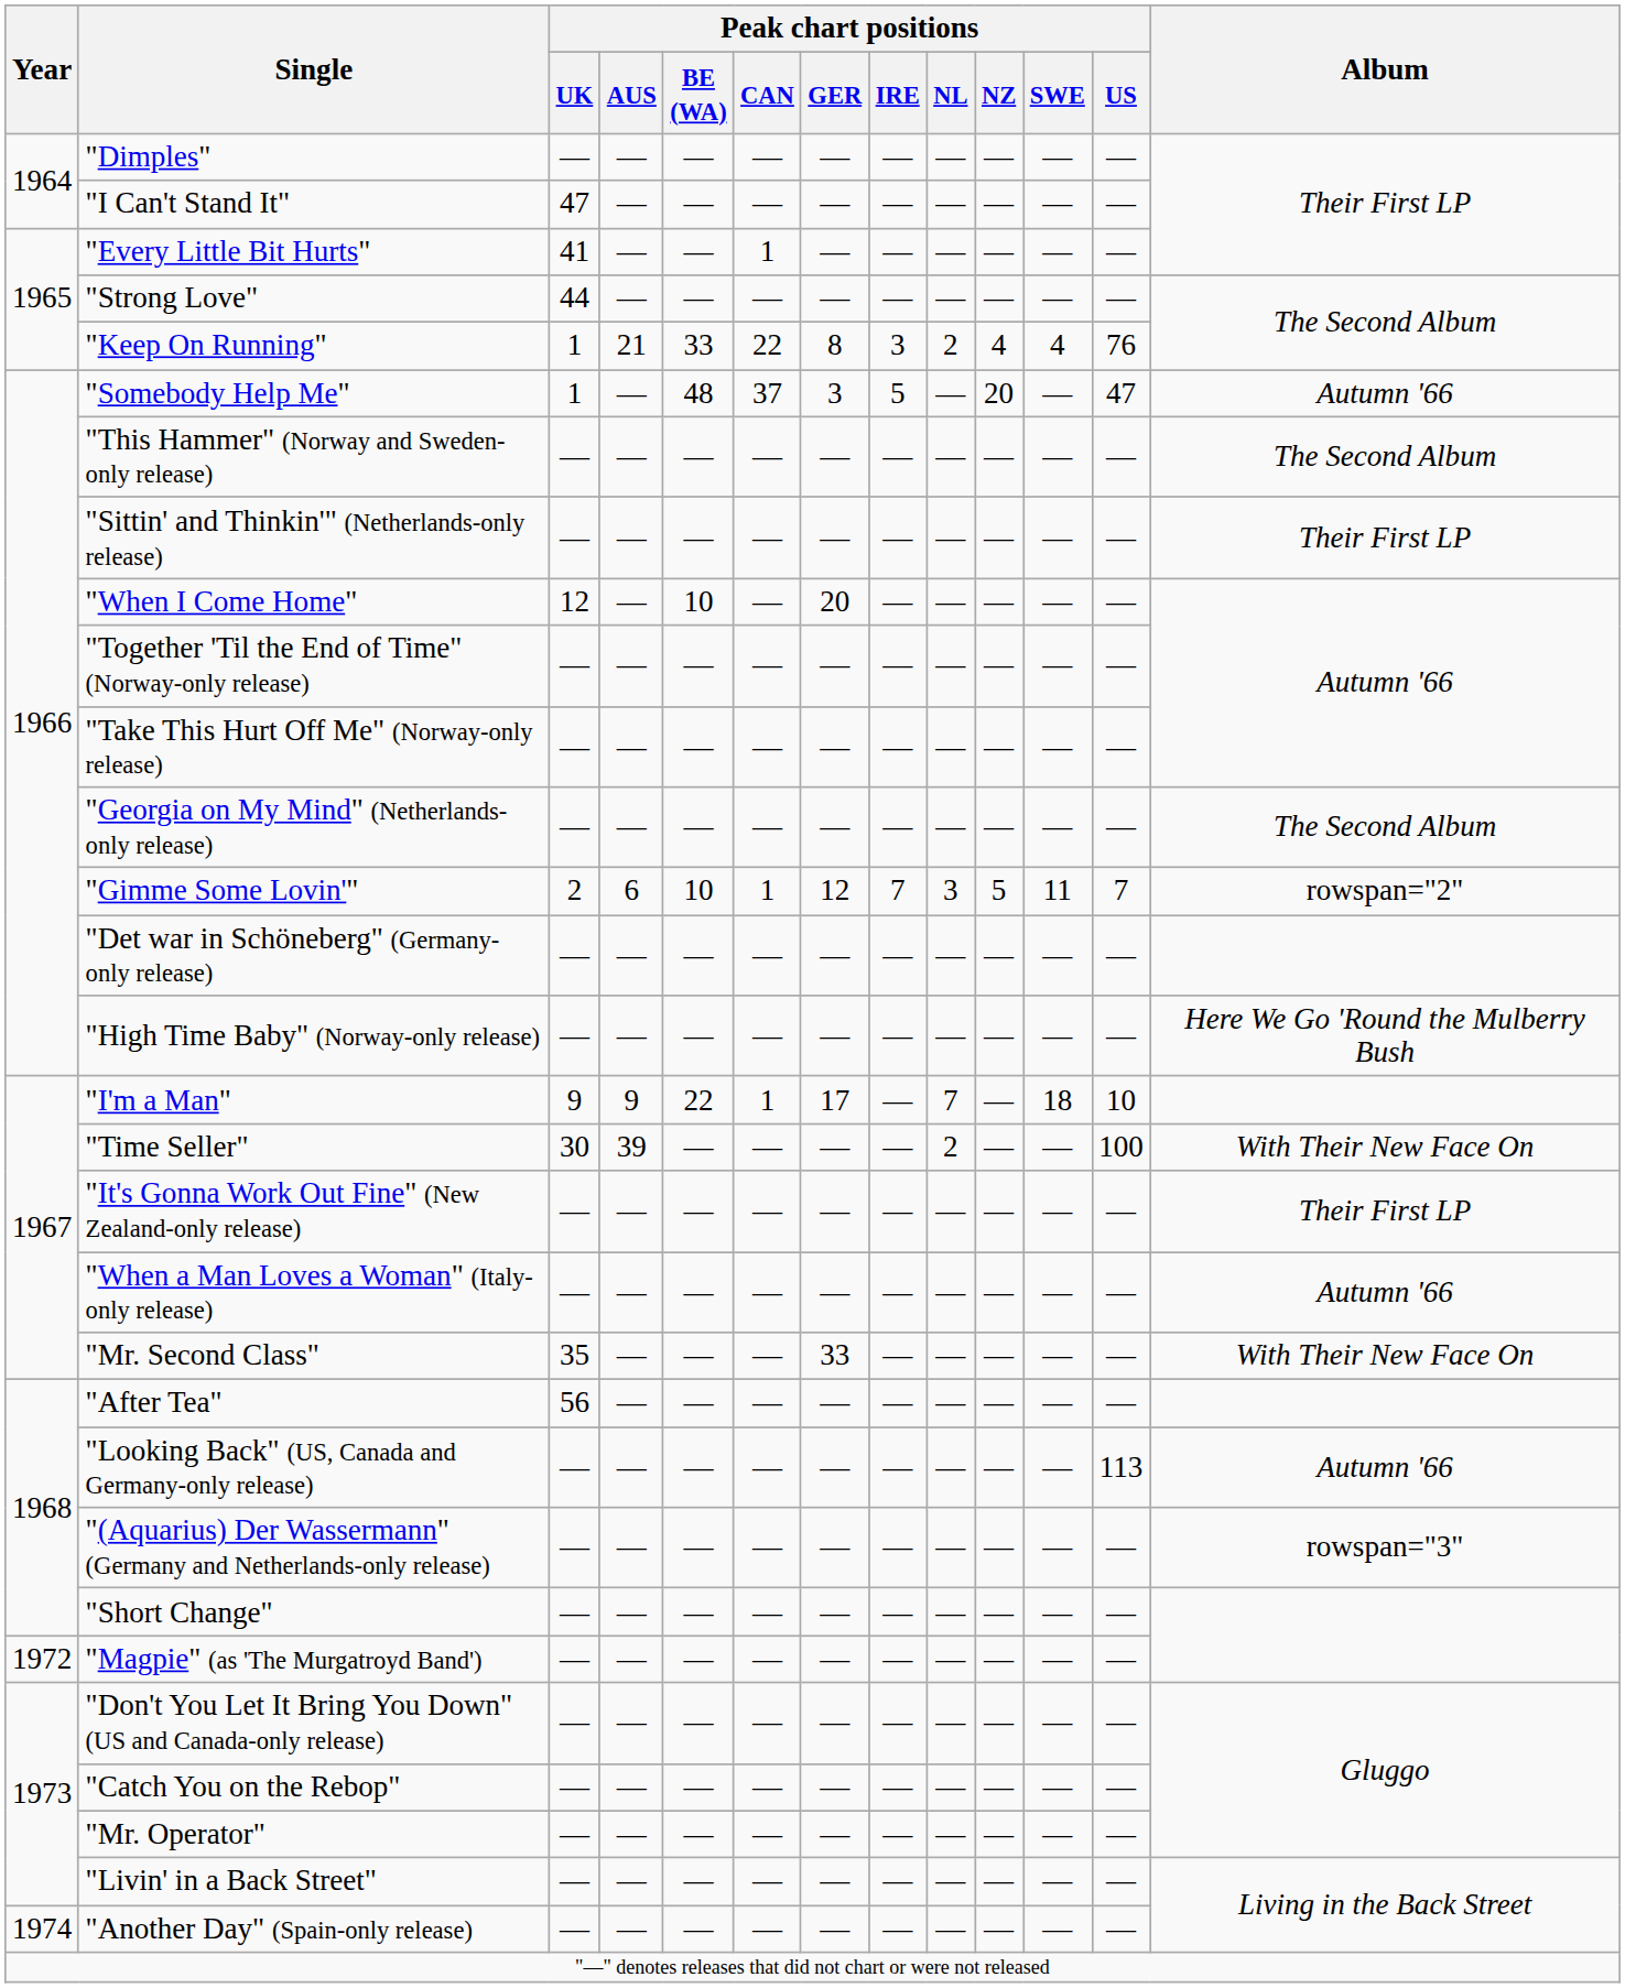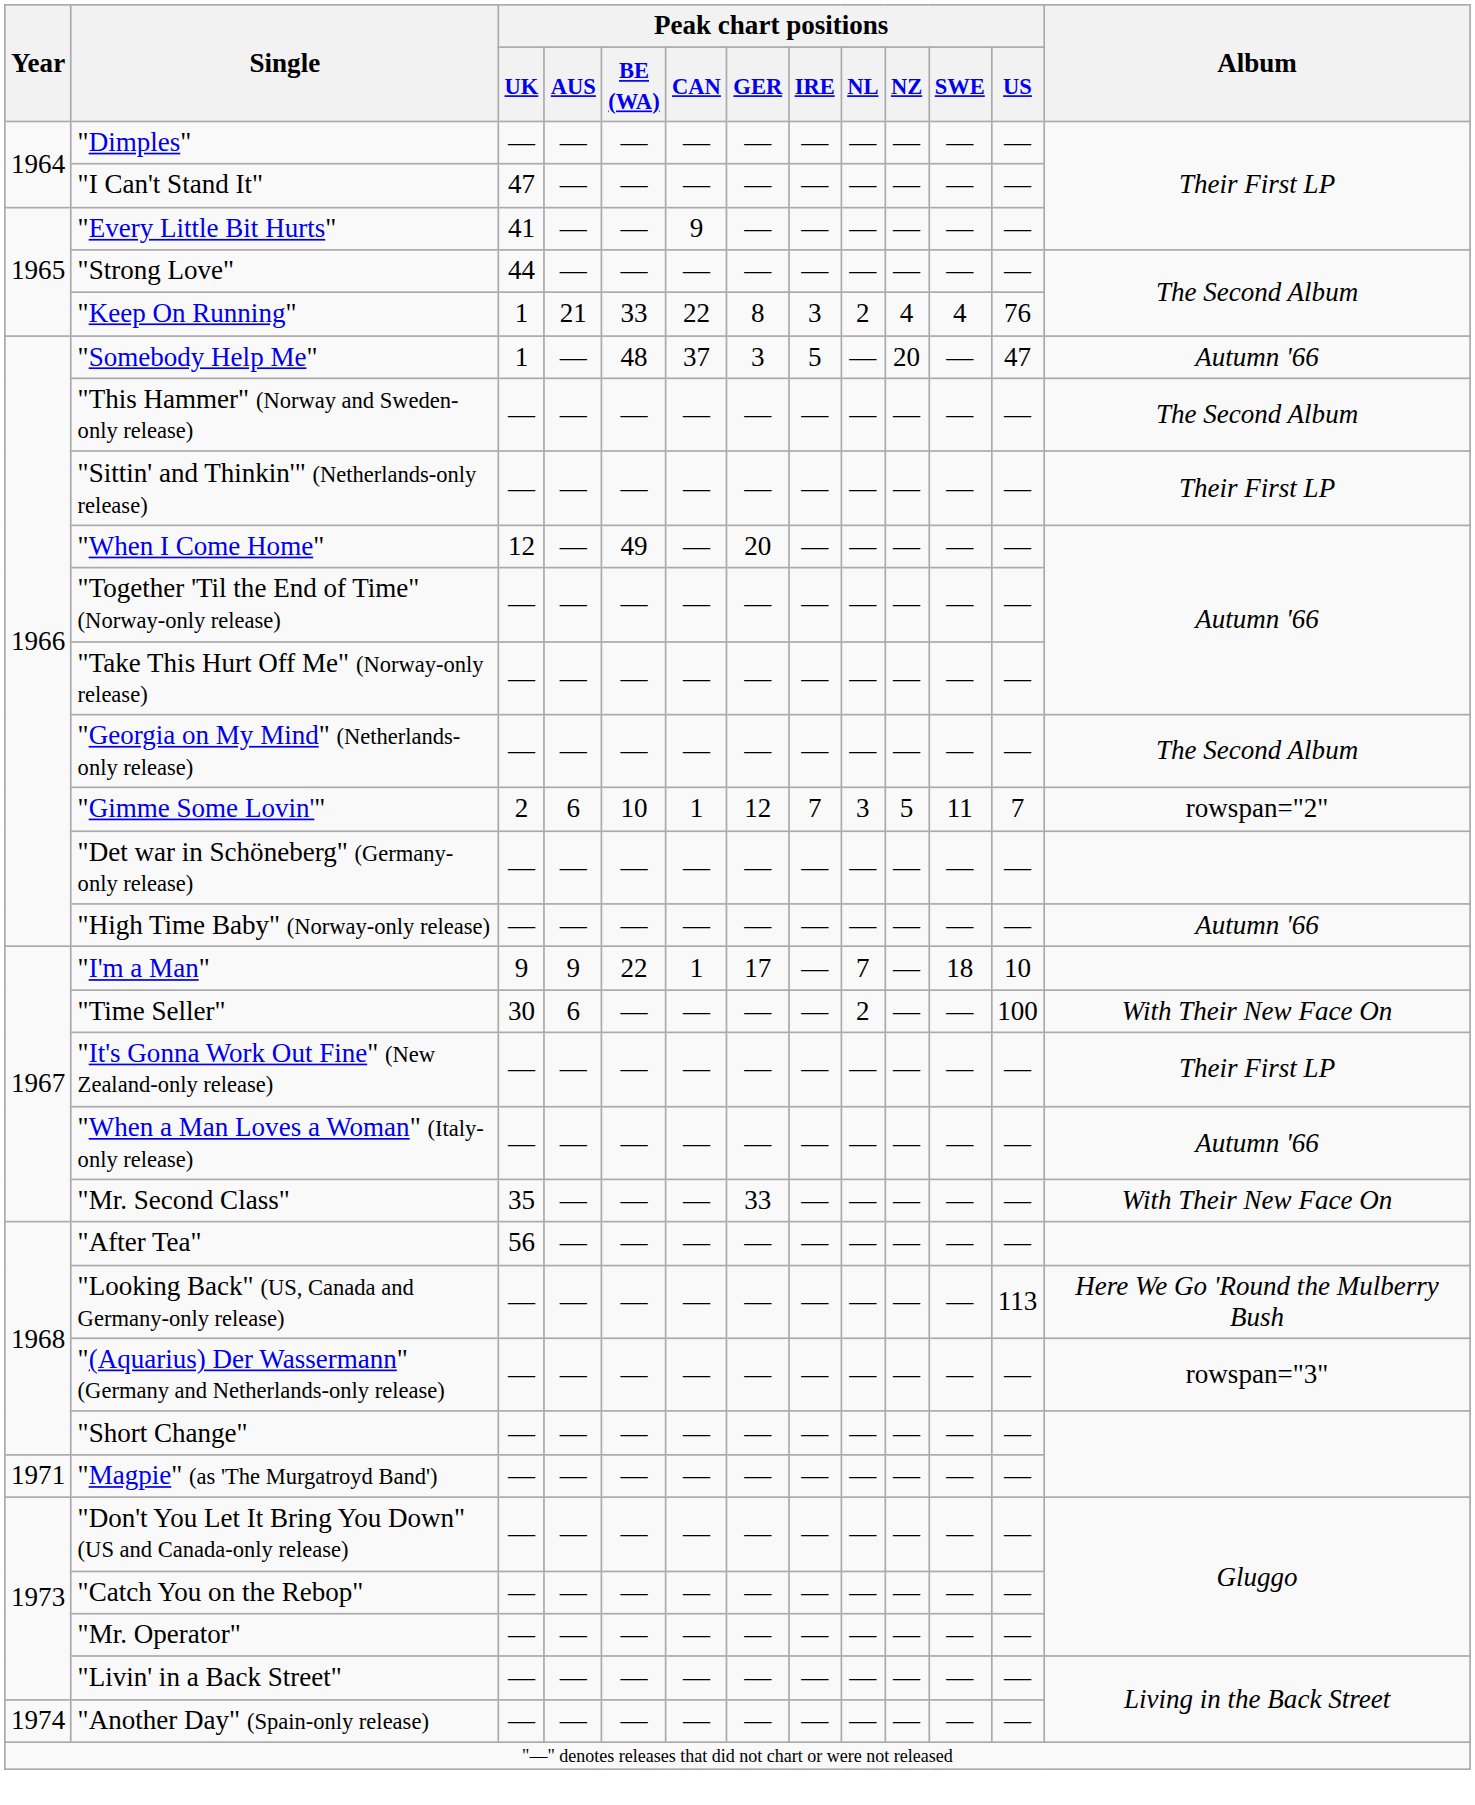 <table class="wikitable" style="text-align:center">
 <tr>
 <th rowspan="2">Year</th>
 <th rowspan="2" style="width:17em;">Single</th>
 <th colspan="10">Peak chart positions</th>
 <th rowspan="2" style="width:17em;">Album</th>
 </tr>
 <tr>
 <th><small><a href='#'>UK</a></small><br></th>
 <th><small><a href='#'>AUS</a></small><br></th>
 <th><small><a href='#'>BE (WA)</a></small><br></th>
 <th><small><a href='#'>CAN</a></small><br></th>
 <th><small><a href='#'>GER</a></small><br></th>
 <th><small><a href='#'>IRE</a></small><br></th>
 <th><small><a href='#'>NL</a></small><br></th>
 <th><small><a href='#'>NZ</a></small><br></th>
 <th><small><a href='#'>SWE</a></small><br></th>
 <th><small><a href='#'>US</a></small><br></th>
 </tr>
 <tr>
 <td rowspan="2">1964</td>
 <td align="left">"<a href='#'>Dimples</a>"</td>
 <td>—</td>
 <td>—</td>
 <td>—</td>
 <td>—</td>
 <td>—</td>
 <td>—</td>
 <td>—</td>
 <td>—</td>
 <td>—</td>
 <td>—</td>
 <td rowspan="3"><em>Their First LP</em></td>
 </tr>
 <tr>
 <td align="left">"I Can't Stand It"</td>
 <td>47</td>
 <td>—</td>
 <td>—</td>
 <td>—</td>
 <td>—</td>
 <td>—</td>
 <td>—</td>
 <td>—</td>
 <td>—</td>
 <td>—</td>
 </tr>
 <tr>
 <td rowspan="3">1965</td>
 <td align="left">"<a href='#'>Every Little Bit Hurts</a>"</td>
 <td>41</td>
 <td>—</td>
 <td>—</td>
-<td>1</td>
+<td>9</td>
 <td>—</td>
 <td>—</td>
 <td>—</td>
 <td>—</td>
 <td>—</td>
 <td>—</td>
 </tr>
 <tr>
 <td align="left">"Strong Love"</td>
 <td>44</td>
 <td>—</td>
 <td>—</td>
 <td>—</td>
 <td>—</td>
 <td>—</td>
 <td>—</td>
 <td>—</td>
 <td>—</td>
 <td>—</td>
 <td rowspan="2"><em>The Second Album</em></td>
 </tr>
 <tr>
 <td align="left">"<a href='#'>Keep On Running</a>"</td>
 <td>1</td>
 <td>21<br></td>
 <td>33</td>
 <td>22</td>
 <td>8</td>
 <td>3</td>
 <td>2</td>
 <td>4</td>
 <td>4</td>
 <td>76</td>
 </tr>
 <tr>
 <td rowspan="10">1966</td>
 <td align="left">"<a href='#'>Somebody Help Me</a>"</td>
 <td>1</td>
 <td>—</td>
 <td>48</td>
 <td>37</td>
 <td>3</td>
 <td>5</td>
 <td>—</td>
 <td>20</td>
 <td>—</td>
 <td>47</td>
 <td><em>Autumn '66</em></td>
 </tr>
 <tr>
 <td align="left">"This Hammer" <small>(Norway and Sweden-only release)</small></td>
 <td>—</td>
 <td>—</td>
 <td>—</td>
 <td>—</td>
 <td>—</td>
 <td>—</td>
 <td>—</td>
 <td>—</td>
 <td>—</td>
 <td>—</td>
 <td><em>The Second Album</em></td>
 </tr>
 <tr>
 <td align="left">"Sittin' and Thinkin'" <small>(Netherlands-only release)</small></td>
 <td>—</td>
 <td>—</td>
 <td>—</td>
 <td>—</td>
 <td>—</td>
 <td>—</td>
 <td>—</td>
 <td>—</td>
 <td>—</td>
 <td>—</td>
 <td><em>Their First LP</em></td>
 </tr>
 <tr>
 <td align="left">"<a href='#'>When I Come Home</a>"</td>
 <td>12</td>
 <td>—</td>
-<td>10</td>
+<td>49</td>
 <td>—</td>
 <td>20</td>
 <td>—</td>
 <td>—</td>
 <td>—</td>
 <td>—</td>
 <td>—</td>
 <td rowspan="3"><em>Autumn '66</em></td>
 </tr>
 <tr>
 <td align="left">"Together 'Til the End of Time" <small>(Norway-only release)</small></td>
 <td>—</td>
 <td>—</td>
 <td>—</td>
 <td>—</td>
 <td>—</td>
 <td>—</td>
 <td>—</td>
 <td>—</td>
 <td>—</td>
 <td>—</td>
 </tr>
 <tr>
 <td align="left">"Take This Hurt Off Me" <small>(Norway-only release)</small></td>
 <td>—</td>
 <td>—</td>
 <td>—</td>
 <td>—</td>
 <td>—</td>
 <td>—</td>
 <td>—</td>
 <td>—</td>
 <td>—</td>
 <td>—</td>
 </tr>
 <tr>
 <td align="left">"<a href='#'>Georgia on My Mind</a>" <small>(Netherlands-only release)</small></td>
 <td>—</td>
 <td>—</td>
 <td>—</td>
 <td>—</td>
 <td>—</td>
 <td>—</td>
 <td>—</td>
 <td>—</td>
 <td>—</td>
 <td>—</td>
 <td><em>The Second Album</em></td>
 </tr>
 <tr>
 <td align="left">"<a href='#'>Gimme Some Lovin'</a>"</td>
 <td>2</td>
 <td>6</td>
 <td>10</td>
 <td>1</td>
 <td>12</td>
 <td>7</td>
 <td>3</td>
 <td>5</td>
 <td>11</td>
 <td>7</td>
 <td>rowspan="2" </td>
 </tr>
 <tr>
 <td align="left">"Det war in Schöneberg" <small>(Germany-only release)</small></td>
 <td>—</td>
 <td>—</td>
 <td>—</td>
 <td>—</td>
 <td>—</td>
 <td>—</td>
 <td>—</td>
 <td>—</td>
 <td>—</td>
 <td>—</td>
 </tr>
 <tr>
 <td align="left">"High Time Baby" <small>(Norway-only release)</small></td>
 <td>—</td>
 <td>—</td>
 <td>—</td>
 <td>—</td>
 <td>—</td>
 <td>—</td>
 <td>—</td>
 <td>—</td>
 <td>—</td>
 <td>—</td>
-<td><em>Here We Go 'Round the Mulberry Bush</em></td>
+<td><em>Autumn '66</em></td>
 </tr>
 <tr>
 <td rowspan="5">1967</td>
 <td align="left">"<a href='#'>I'm a Man</a>"</td>
 <td>9</td>
 <td>9</td>
 <td>22</td>
 <td>1</td>
 <td>17</td>
 <td>—</td>
 <td>7</td>
 <td>—</td>
 <td>18</td>
 <td>10</td>
 <td></td>
 </tr>
 <tr>
 <td align="left">"Time Seller"</td>
 <td>30</td>
-<td>39</td>
+<td>6</td>
 <td>—</td>
 <td>—</td>
 <td>—</td>
 <td>—</td>
 <td>2</td>
 <td>—</td>
 <td>—</td>
 <td>100</td>
 <td><em>With Their New Face On</em></td>
 </tr>
 <tr>
 <td align="left">"<a href='#'>It's Gonna Work Out Fine</a>" <small>(New Zealand-only release)</small></td>
 <td>—</td>
 <td>—</td>
 <td>—</td>
 <td>—</td>
 <td>—</td>
 <td>—</td>
 <td>—</td>
 <td>—</td>
 <td>—</td>
 <td>—</td>
 <td><em>Their First LP</em></td>
 </tr>
 <tr>
 <td align="left">"<a href='#'>When a Man Loves a Woman</a>" <small>(Italy-only release)</small></td>
 <td>—</td>
 <td>—</td>
 <td>—</td>
 <td>—</td>
 <td>—</td>
 <td>—</td>
 <td>—</td>
 <td>—</td>
 <td>—</td>
 <td>—</td>
 <td><em>Autumn '66</em></td>
 </tr>
 <tr>
 <td align="left">"Mr. Second Class"</td>
 <td>35</td>
 <td>—</td>
 <td>—</td>
 <td>—</td>
 <td>33</td>
 <td>—</td>
 <td>—</td>
 <td>—</td>
 <td>—</td>
 <td>—</td>
 <td><em>With Their New Face On</em></td>
 </tr>
 <tr>
 <td rowspan="4">1968</td>
 <td align="left">"After Tea"</td>
 <td>56</td>
 <td>—</td>
 <td>—</td>
 <td>—</td>
 <td>—</td>
 <td>—</td>
 <td>—</td>
 <td>—</td>
 <td>—</td>
 <td>—</td>
 <td></td>
 </tr>
 <tr>
 <td align="left">"Looking Back" <small>(US, Canada and Germany-only release)</small></td>
 <td>—</td>
 <td>—</td>
 <td>—</td>
 <td>—</td>
 <td>—</td>
 <td>—</td>
 <td>—</td>
 <td>—</td>
 <td>—</td>
 <td>113</td>
-<td><em>Autumn '66</em></td>
+<td><em>Here We Go 'Round the Mulberry Bush</em></td>
 </tr>
 <tr>
 <td align="left">"<a href='#'>(Aquarius) Der Wassermann</a>" <small>(Germany and Netherlands-only release)</small></td>
 <td>—</td>
 <td>—</td>
 <td>—</td>
 <td>—</td>
 <td>—</td>
 <td>—</td>
 <td>—</td>
 <td>—</td>
 <td>—</td>
 <td>—</td>
 <td>rowspan="3" </td>
 </tr>
 <tr>
 <td align="left">"Short Change"</td>
 <td>—</td>
 <td>—</td>
 <td>—</td>
 <td>—</td>
 <td>—</td>
 <td>—</td>
 <td>—</td>
 <td>—</td>
 <td>—</td>
 <td>—</td>
 </tr>
 <tr>
-<td>1972</td>
+<td>1971</td>
 <td align="left">"<a href='#'>Magpie</a>" <small>(as 'The Murgatroyd Band')</small></td>
 <td>—</td>
 <td>—</td>
 <td>—</td>
 <td>—</td>
 <td>—</td>
 <td>—</td>
 <td>—</td>
 <td>—</td>
 <td>—</td>
 <td>—</td>
 </tr>
 <tr>
 <td rowspan="4">1973</td>
 <td align="left">"Don't You Let It Bring You Down" <small>(US and Canada-only release)</small></td>
 <td>—</td>
 <td>—</td>
 <td>—</td>
 <td>—</td>
 <td>—</td>
 <td>—</td>
 <td>—</td>
 <td>—</td>
 <td>—</td>
 <td>—</td>
 <td rowspan="3"><em>Gluggo</em></td>
 </tr>
 <tr>
 <td align="left">"Catch You on the Rebop"</td>
 <td>—</td>
 <td>—</td>
 <td>—</td>
 <td>—</td>
 <td>—</td>
 <td>—</td>
 <td>—</td>
 <td>—</td>
 <td>—</td>
 <td>—</td>
 </tr>
 <tr>
 <td align="left">"Mr. Operator"</td>
 <td>—</td>
 <td>—</td>
 <td>—</td>
 <td>—</td>
 <td>—</td>
 <td>—</td>
 <td>—</td>
 <td>—</td>
 <td>—</td>
 <td>—</td>
 </tr>
 <tr>
 <td align="left">"Livin' in a Back Street"</td>
 <td>—</td>
 <td>—</td>
 <td>—</td>
 <td>—</td>
 <td>—</td>
 <td>—</td>
 <td>—</td>
 <td>—</td>
 <td>—</td>
 <td>—</td>
 <td rowspan="2"><em>Living in the Back Street</em></td>
 </tr>
 <tr>
 <td>1974</td>
 <td align="left">"Another Day" <small>(Spain-only release)</small></td>
 <td>—</td>
 <td>—</td>
 <td>—</td>
 <td>—</td>
 <td>—</td>
 <td>—</td>
 <td>—</td>
 <td>—</td>
 <td>—</td>
 <td>—</td>
 </tr>
 <tr>
 <td colspan="13" style="font-size:8pt">"—" denotes releases that did not chart or were not released</td>
 </tr>
 </table>
